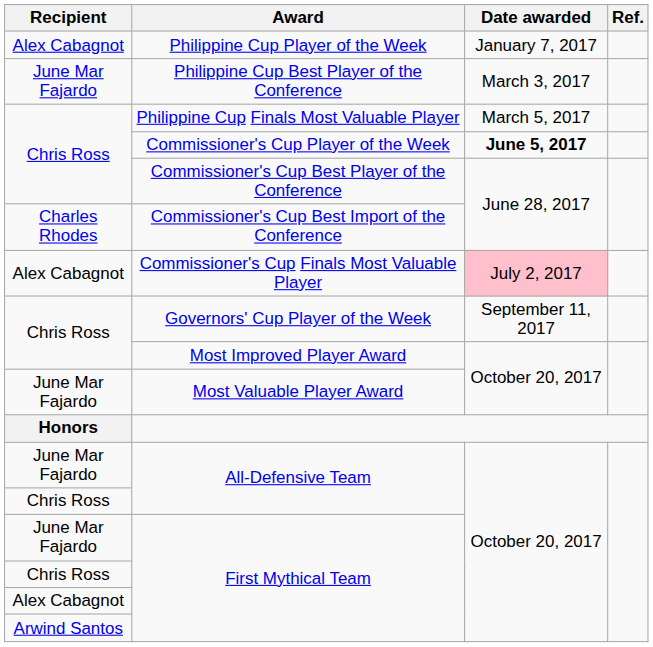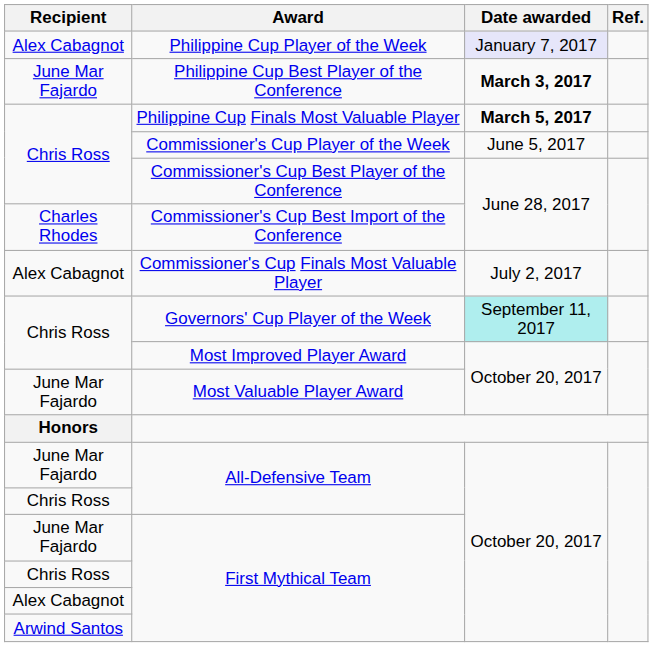 <table class="wikitable sortable sortable" style="text-align: center">
 <tr>
 <th>Recipient</th>
 <th>Award</th>
 <th>Date awarded</th>
 <th>Ref.</th>
 </tr>
 <tr>
 <td><a href='#'>Alex Cabagnot</a></td>
 <td><a href='#'>Philippine Cup Player of the Week</a></td>
-<td>January 7, 2017</td>
+<td style="background: lavender;">January 7, 2017</td>
 <td></td>
 </tr>
 <tr>
 <td><a href='#'>June Mar Fajardo</a></td>
 <td><a href='#'>Philippine Cup Best Player of the Conference</a></td>
-<td>March 3, 2017</td>
+<td><strong>March 3, 2017</strong></td>
 <td></td>
 </tr>
 <tr>
 <td rowspan=3><a href='#'>Chris Ross</a></td>
 <td><a href='#'>Philippine Cup</a> <a href='#'>Finals Most Valuable Player</a></td>
-<td>March 5, 2017</td>
+<td><strong>March 5, 2017</strong></td>
 <td></td>
 </tr>
 <tr>
 <td><a href='#'>Commissioner's Cup Player of the Week</a></td>
-<td><strong>June 5, 2017</strong></td>
+<td>June 5, 2017</td>
 <td></td>
 </tr>
 <tr>
 <td><a href='#'>Commissioner's Cup Best Player of the Conference</a></td>
 <td rowspan=2>June 28, 2017</td>
 <td rowspan=2></td>
 </tr>
 <tr>
 <td><a href='#'>Charles Rhodes</a></td>
 <td><a href='#'>Commissioner's Cup Best Import of the Conference</a></td>
 </tr>
 <tr>
 <td>Alex Cabagnot</td>
 <td><a href='#'>Commissioner's Cup</a> <a href='#'>Finals Most Valuable Player</a></td>
-<td style="background: pink;">July 2, 2017</td>
+<td>July 2, 2017</td>
 <td></td>
 </tr>
 <tr>
 <td rowspan=2>Chris Ross</td>
 <td><a href='#'>Governors' Cup Player of the Week</a></td>
-<td>September 11, 2017</td>
+<td style="background: paleturquoise;">September 11, 2017</td>
 <td></td>
 </tr>
 <tr>
 <td><a href='#'>Most Improved Player Award</a></td>
 <td rowspan=2>October 20, 2017</td>
 <td rowspan=2></td>
 </tr>
 <tr>
 <td>June Mar Fajardo</td>
 <td><a href='#'>Most Valuable Player Award</a></td>
 </tr>
 <tr>
 <th>Honors</th>
 </tr>
 <tr>
 <td>June Mar Fajardo</td>
 <td rowspan=2><a href='#'>All-Defensive Team</a></td>
 <td rowspan=6>October 20, 2017</td>
 <td rowspan=6></td>
 </tr>
 <tr>
 <td>Chris Ross</td>
 </tr>
 <tr>
 <td>June Mar Fajardo</td>
 <td rowspan=4><a href='#'>First Mythical Team</a></td>
 </tr>
 <tr>
 <td>Chris Ross</td>
 </tr>
 <tr>
 <td>Alex Cabagnot</td>
 </tr>
 <tr>
 <td><a href='#'>Arwind Santos</a></td>
 </tr>
 </table>
